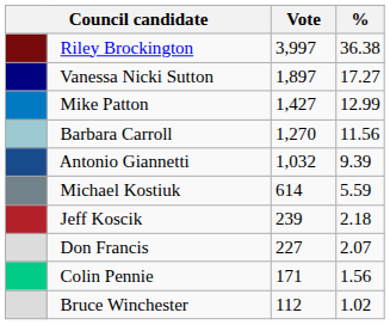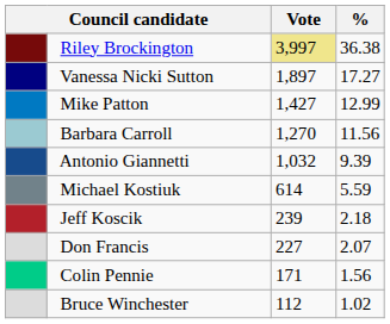 <table class="wikitable">
 <tr>
 <th width="230px" colspan="2">Council candidate</th>
 <th width="50px">Vote</th>
 <th width="30px">%</th>
 </tr>
 <tr>
 <td bgcolor=#760A0A width="30px"> </td>
 <td>  <a href='#'>Riley Brockington</a></td>
-<td>3,997</td>
+<td style="background: khaki;">3,997</td>
 <td>36.38</td>
 </tr>
 <tr>
 <td bgcolor=#000080 width="30px"> </td>
 <td>  Vanessa Nicki Sutton</td>
 <td>1,897</td>
 <td>17.27</td>
 </tr>
 <tr>
 <td bgcolor=#0079C2 width="30px"> </td>
 <td>  Mike Patton</td>
 <td>1,427</td>
 <td>12.99</td>
 </tr>
 <tr>
 <td bgcolor=#9BCAD2 width="30px"> </td>
 <td>  Barbara Carroll</td>
 <td>1,270</td>
 <td>11.56</td>
 </tr>
 <tr>
 <td bgcolor=#174B8C width="30px"> </td>
 <td>  Antonio Giannetti</td>
 <td>1,032</td>
 <td>9.39</td>
 </tr>
 <tr>
 <td bgcolor=#71828A width="30px"> </td>
 <td>  Michael Kostiuk</td>
 <td>614</td>
 <td>5.59</td>
 </tr>
 <tr>
 <td bgcolor=#B3202A width="30px"> </td>
 <td>  Jeff Koscik</td>
 <td>239</td>
 <td>2.18</td>
 </tr>
 <tr>
 <td bgcolor=#DCDCDC width="30px"> </td>
 <td>  Don Francis</td>
 <td>227</td>
 <td>2.07</td>
 </tr>
 <tr>
 <td bgcolor=#00CC88 width="30px"> </td>
 <td>  Colin Pennie</td>
 <td>171</td>
 <td>1.56</td>
 </tr>
 <tr>
 <td bgcolor=#DCDCDC width="30px"> </td>
 <td>  Bruce Winchester</td>
 <td>112</td>
 <td>1.02</td>
 </tr>
 </table>
